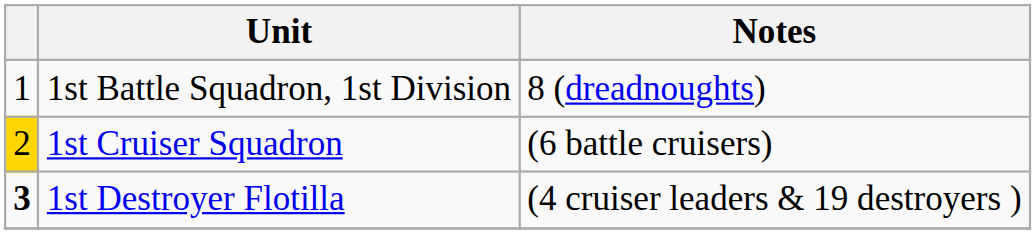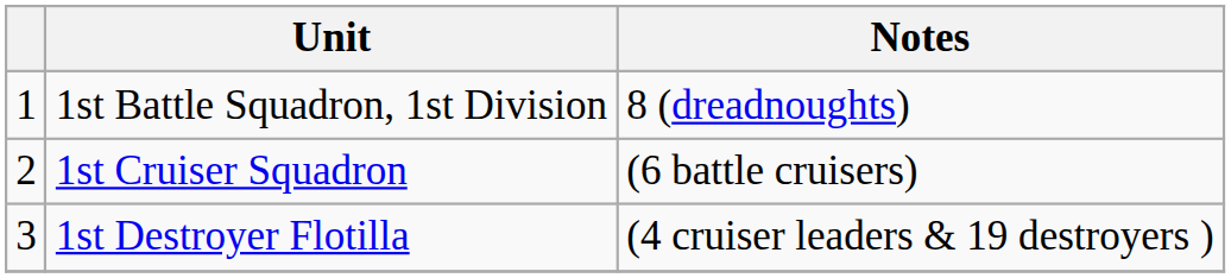 <table class=wikitable>
 <tr>
 <th></th>
 <th>Unit</th>
 <th>Notes</th>
 </tr>
 <tr>
 <td>1</td>
 <td>1st Battle Squadron, 1st Division</td>
 <td>8 (<a href='#'>dreadnoughts</a>)</td>
 </tr>
 <tr>
-<td style="background: gold;">2</td>
+<td>2</td>
 <td><a href='#'>1st Cruiser Squadron</a></td>
 <td>(6 battle cruisers)</td>
 </tr>
 <tr>
-<td><strong>3</strong></td>
+<td>3</td>
 <td><a href='#'>1st Destroyer Flotilla</a></td>
 <td>(4 cruiser leaders & 19 destroyers )</td>
 </tr>
 <tr>
 </tr>
 </table>
